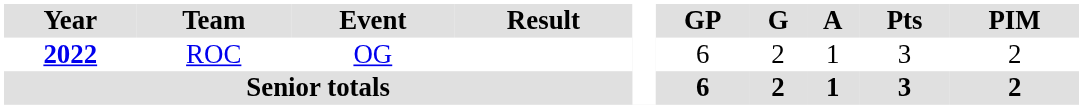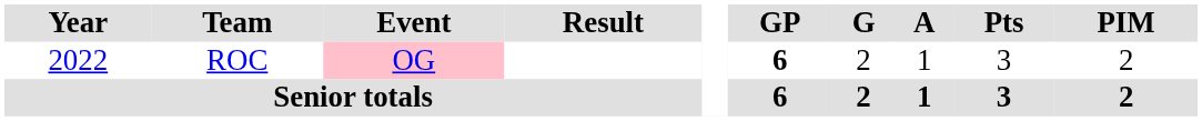 <table border="0" cellpadding="1" cellspacing="0" style="text-align:center; width:40em">
 <tr ALIGN="center" bgcolor="#e0e0e0">
 <th>Year</th>
 <th>Team</th>
 <th>Event</th>
 <th>Result</th>
 <th rowspan="99" bgcolor="#ffffff"> </th>
 <th>GP</th>
 <th>G</th>
 <th>A</th>
 <th>Pts</th>
 <th>PIM</th>
 </tr>
 <tr>
-<td><strong><a href='#'>2022</a></strong></td>
+<td><a href='#'>2022</a></td>
 <td><a href='#'>ROC</a></td>
-<td><a href='#'>OG</a></td>
+<td style="background: pink;"><a href='#'>OG</a></td>
 <td></td>
-<td>6</td>
+<td><strong>6</strong></td>
 <td>2</td>
 <td>1</td>
 <td>3</td>
 <td>2</td>
 </tr>
 <tr bgcolor="#e0e0e0">
 <th colspan="4">Senior totals</th>
 <th>6</th>
 <th>2</th>
 <th>1</th>
 <th>3</th>
 <th>2</th>
 </tr>
 </table>
